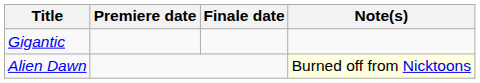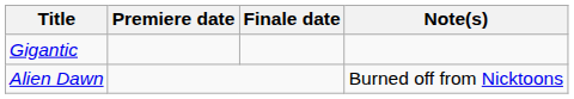 <table class="wikitable plainrowheaders sortable" style="text-align:center">
 <tr>
 <th>Title</th>
 <th>Premiere date</th>
 <th>Finale date</th>
 <th class="unsortable">Note(s)</th>
 </tr>
 <tr>
 <td style="text-align:left;"><em><a href='#'>Gigantic</a></em></td>
 <td></td>
 <td></td>
 <td></td>
 </tr>
 <tr>
 <td style="text-align:left;"><em><a href='#'>Alien Dawn</a></em></td>
 <td colspan="2"></td>
-<td style="background: lightyellow;">Burned off from <a href='#'>Nicktoons</a></td>
+<td>Burned off from <a href='#'>Nicktoons</a></td>
 </tr>
 </table>
